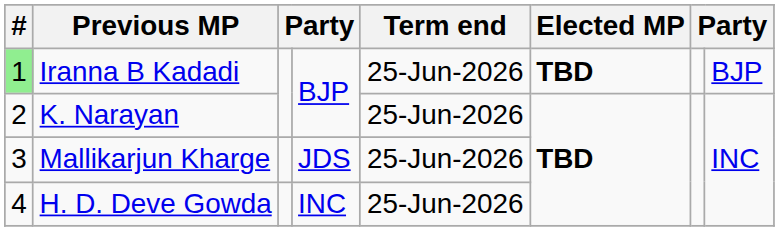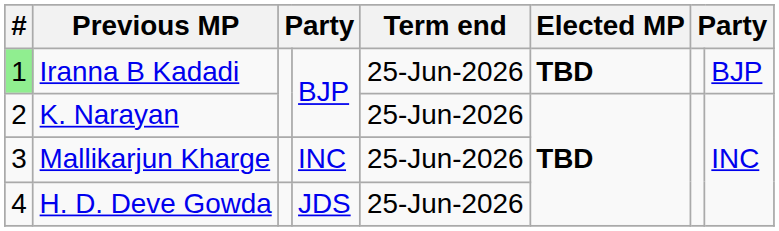 <table class="wikitable sortable">
 <tr>
 <th>#</th>
 <th>Previous MP</th>
 <th colspan="2">Party</th>
 <th>Term end</th>
 <th>Elected MP</th>
 <th colspan="2">Party</th>
 </tr>
 <tr>
 <td style="background: lightgreen;">1</td>
 <td><a href='#'>Iranna B Kadadi</a></td>
 <td rowspan=2></td>
 <td rowspan="2"><a href='#'>BJP</a></td>
 <td>25-Jun-2026</td>
 <td Rowspan=1><strong>TBD</strong></td>
 <td></td>
 <td><a href='#'>BJP</a></td>
 </tr>
 <tr>
 <td>2</td>
 <td><a href='#'>K. Narayan</a></td>
 <td>25-Jun-2026</td>
 <td Rowspan=3><strong>TBD</strong></td>
 <td rowspan=3></td>
 <td rowspan="3"><a href='#'>INC</a></td>
 </tr>
 <tr>
 <td>3</td>
 <td><a href='#'>Mallikarjun Kharge</a></td>
 <td></td>
-<td><a href='#'>JDS</a></td>
+<td><a href='#'>INC</a></td>
 <td>25-Jun-2026</td>
 </tr>
 <tr>
 <td>4</td>
 <td><a href='#'>H. D. Deve Gowda</a></td>
 <td></td>
-<td><a href='#'>INC</a></td>
+<td><a href='#'>JDS</a></td>
 <td>25-Jun-2026</td>
 </tr>
 </table>
